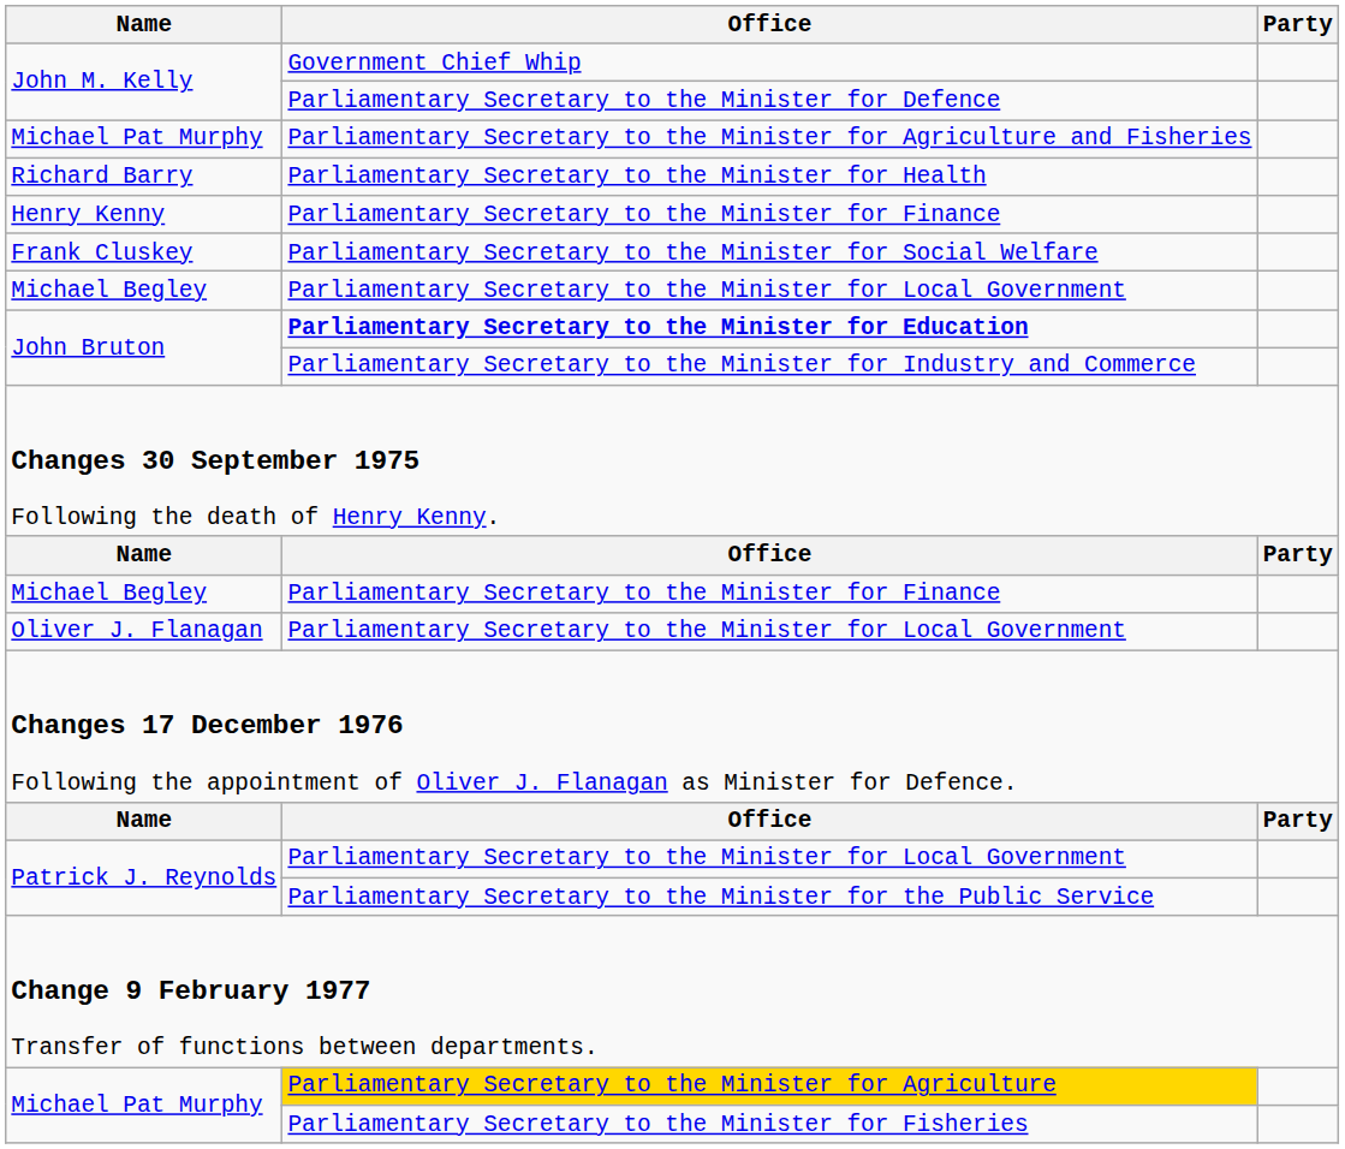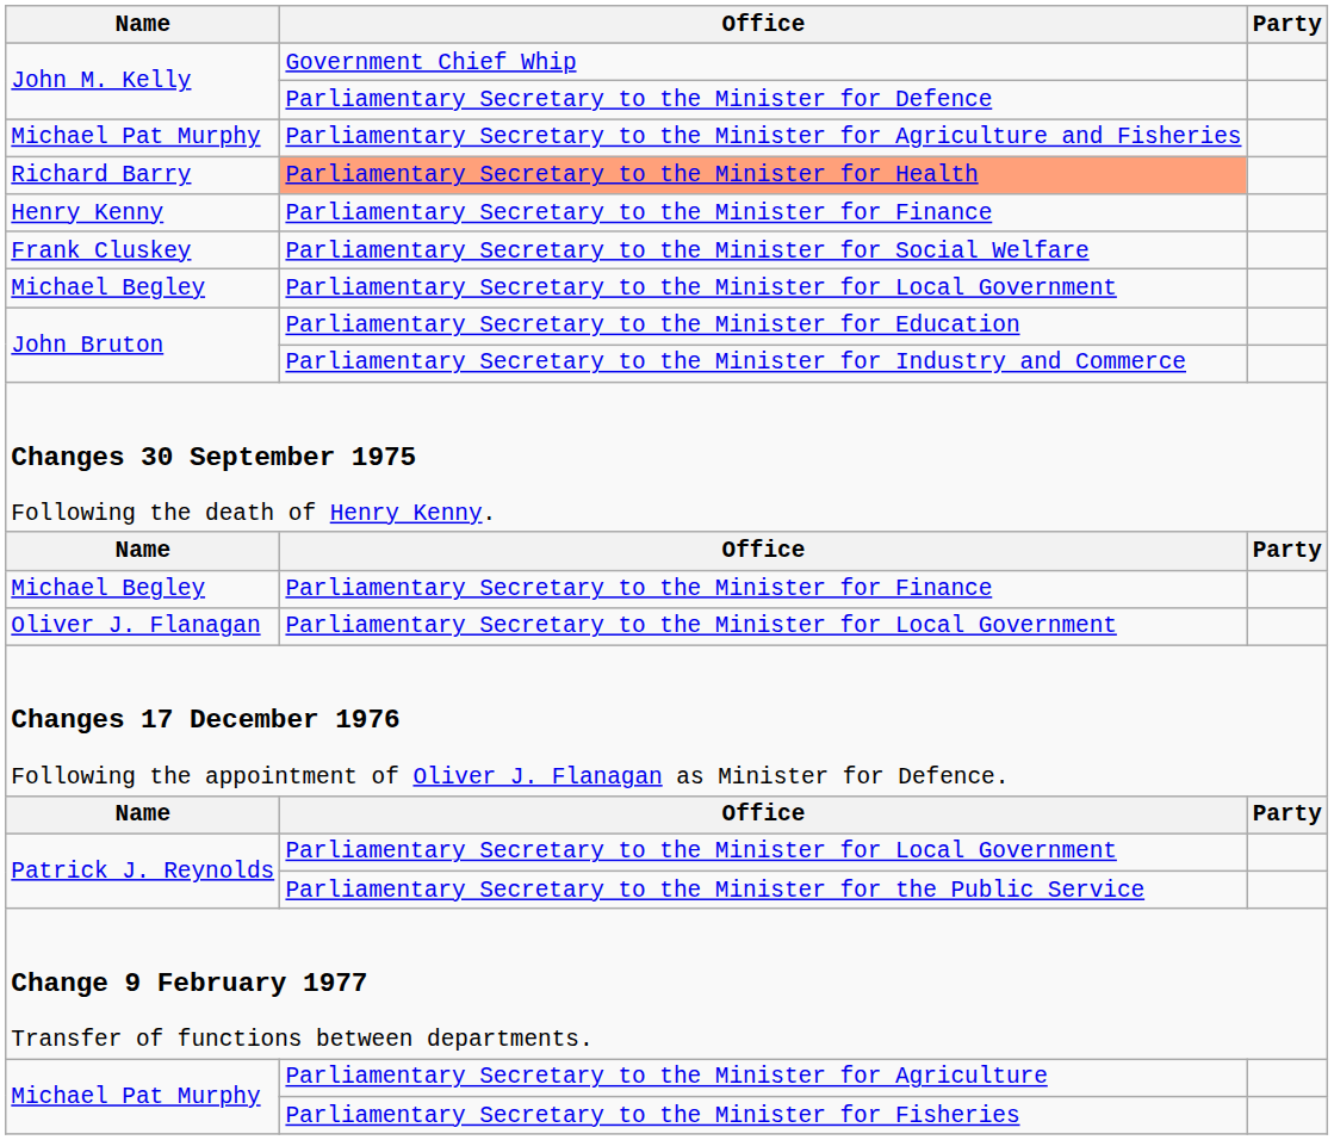 <table class="wikitable">
 <tr>
 <th>Name</th>
 <th>Office</th>
 <th colspan="2">Party</th>
 </tr>
 <tr>
 <td rowspan=2><a href='#'>John M. Kelly</a></td>
 <td><a href='#'>Government Chief Whip</a></td>
 <td></td>
 </tr>
 <tr>
 <td><a href='#'>Parliamentary Secretary to the Minister for Defence</a></td>
 </tr>
 <tr>
 <td><a href='#'>Michael Pat Murphy</a></td>
 <td><a href='#'>Parliamentary Secretary to the Minister for Agriculture and Fisheries</a></td>
 <td></td>
 </tr>
 <tr>
 <td><a href='#'>Richard Barry</a></td>
-<td><a href='#'>Parliamentary Secretary to the Minister for Health</a></td>
+<td style="background: lightsalmon;"><a href='#'>Parliamentary Secretary to the Minister for Health</a></td>
 <td></td>
 </tr>
 <tr>
 <td><a href='#'>Henry Kenny</a></td>
 <td><a href='#'>Parliamentary Secretary to the Minister for Finance</a></td>
 <td></td>
 </tr>
 <tr>
 <td><a href='#'>Frank Cluskey</a></td>
 <td><a href='#'>Parliamentary Secretary to the Minister for Social Welfare</a></td>
 <td></td>
 </tr>
 <tr>
 <td><a href='#'>Michael Begley</a></td>
 <td><a href='#'>Parliamentary Secretary to the Minister for Local Government</a></td>
 <td></td>
 </tr>
 <tr>
 <td rowspan=2><a href='#'>John Bruton</a></td>
-<td><strong><a href='#'>Parliamentary Secretary to the Minister for Education</a></strong></td>
+<td><a href='#'>Parliamentary Secretary to the Minister for Education</a></td>
 <td></td>
 </tr>
 <tr>
 <td><a href='#'>Parliamentary Secretary to the Minister for Industry and Commerce</a></td>
 </tr>
 <tr>
 <td colspan="4"><br><h3>Changes 30 September 1975</h3>Following the death of <a href='#'>Henry Kenny</a>.</td>
 </tr>
 <tr>
 <th>Name</th>
 <th>Office</th>
 <th colspan="2">Party</th>
 </tr>
 <tr>
 <td><a href='#'>Michael Begley</a></td>
 <td><a href='#'>Parliamentary Secretary to the Minister for Finance</a></td>
 <td></td>
 </tr>
 <tr>
 <td><a href='#'>Oliver J. Flanagan</a></td>
 <td><a href='#'>Parliamentary Secretary to the Minister for Local Government</a></td>
 <td></td>
 </tr>
 <tr>
 <td colspan="4"><br><h3>Changes 17 December 1976</h3>Following the appointment of <a href='#'>Oliver J. Flanagan</a> as Minister for Defence.</td>
 </tr>
 <tr>
 <th>Name</th>
 <th>Office</th>
 <th colspan=2>Party</th>
 </tr>
 <tr>
 <td rowspan=2><a href='#'>Patrick J. Reynolds</a></td>
 <td><a href='#'>Parliamentary Secretary to the Minister for Local Government</a></td>
 <td></td>
 </tr>
 <tr>
 <td><a href='#'>Parliamentary Secretary to the Minister for the Public Service</a></td>
 </tr>
 <tr>
 <td colspan="4"><br><h3>Change 9 February 1977</h3>Transfer of functions between departments.</td>
 </tr>
 <tr>
 <td rowspan=2><a href='#'>Michael Pat Murphy</a></td>
-<td style="background: gold;"><a href='#'>Parliamentary Secretary to the Minister for Agriculture</a></td>
+<td><a href='#'>Parliamentary Secretary to the Minister for Agriculture</a></td>
 <td></td>
 </tr>
 <tr>
 <td><a href='#'>Parliamentary Secretary to the Minister for Fisheries</a></td>
 </tr>
 </table>
